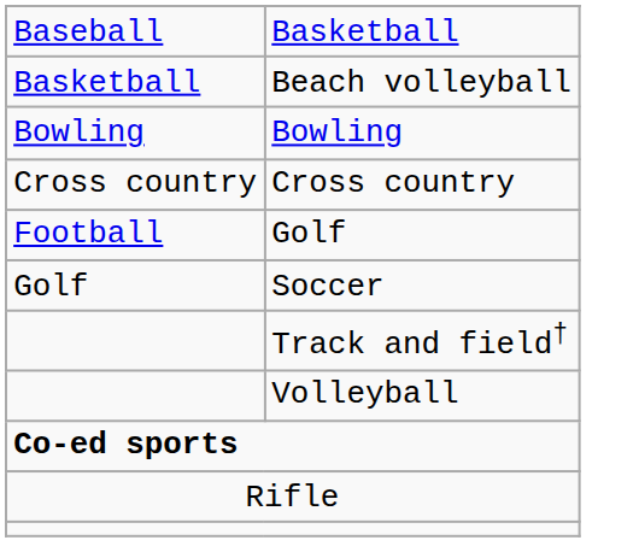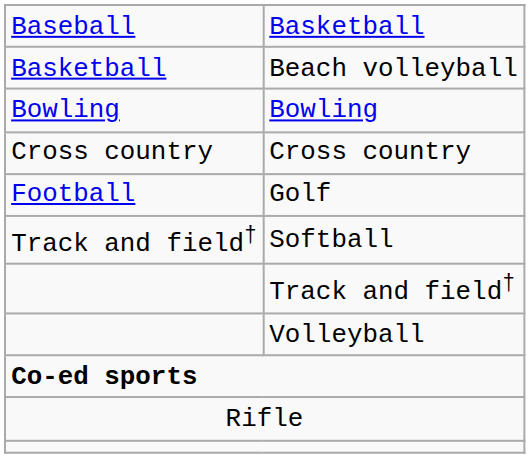 <table class="wikitable" style="float:center">
 <tr>
 </tr>
 <tr>
 <td><a href='#'>Baseball</a></td>
 <td><a href='#'>Basketball</a></td>
 </tr>
 <tr>
 <td><a href='#'>Basketball</a></td>
 <td>Beach volleyball</td>
 </tr>
 <tr>
 <td><a href='#'>Bowling</a></td>
 <td><a href='#'>Bowling</a></td>
 </tr>
 <tr>
 <td>Cross country</td>
 <td>Cross country</td>
 </tr>
 <tr>
 <td><a href='#'>Football</a></td>
 <td>Golf</td>
 </tr>
 <tr>
-<td>Golf</td>
-<td>Soccer</td>
+<td>Track and field<sup>†</sup></td>
+<td>Softball</td>
 </tr>
 <tr>
 <td></td>
 <td>Track and field<sup>†</sup></td>
 </tr>
 <tr>
 <td></td>
 <td>Volleyball</td>
 </tr>
 <tr>
 <td colspan="2"><strong>Co-ed sports</strong></td>
 </tr>
 <tr style="text-align:center">
 <td colspan="2">Rifle</td>
 </tr>
 <tr>
 <td colspan="2"></td>
 </tr>
 </table>
